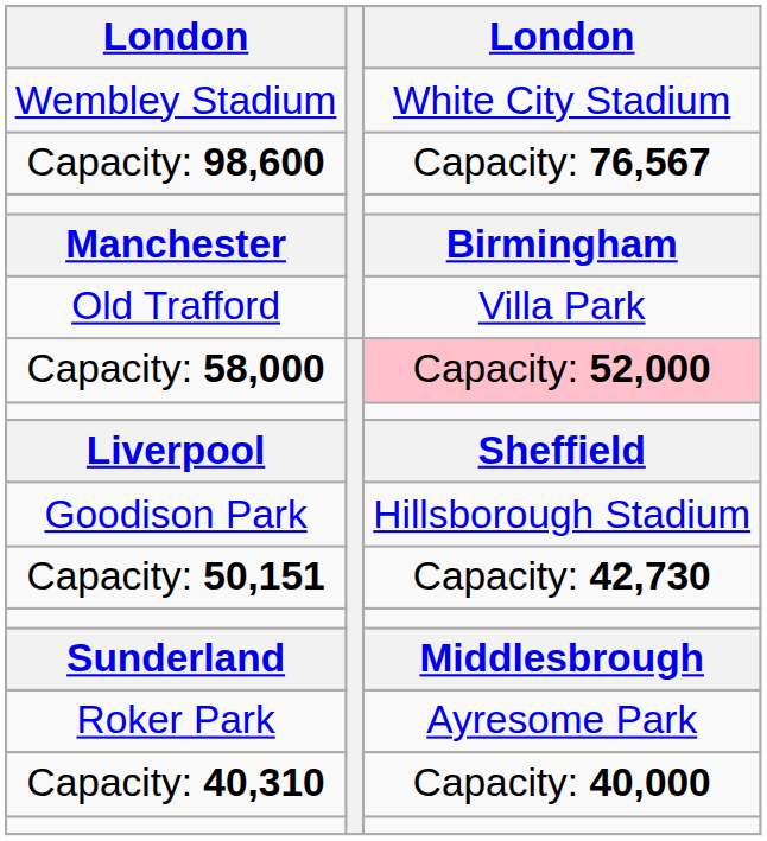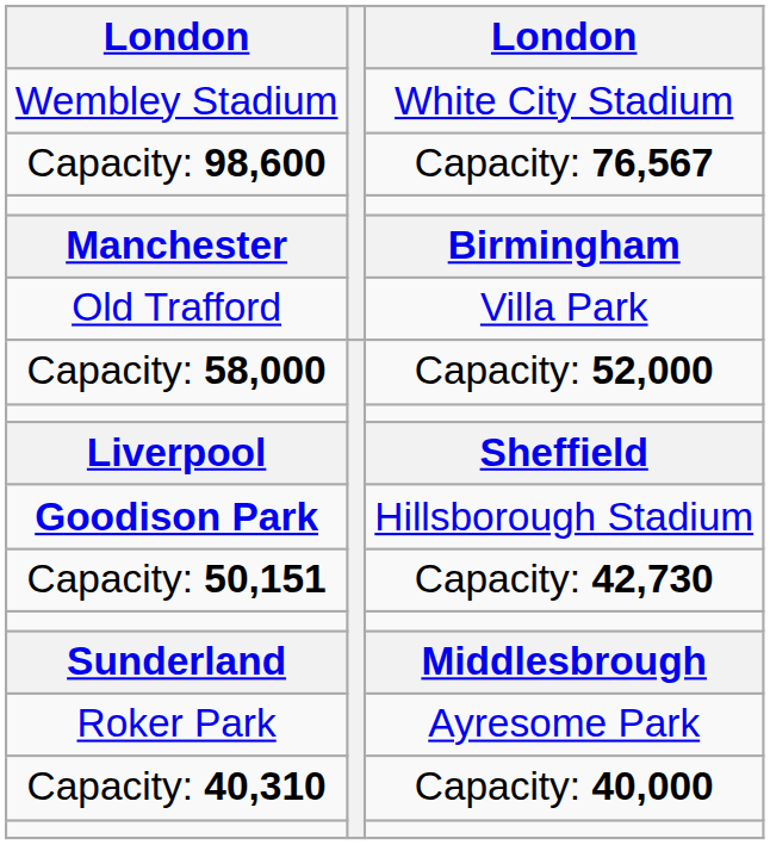 <table class="wikitable" style="text-align:center">
 <tr>
 <th><a href='#'>London</a></th>
 <th colspan="1" rowspan="6"></th>
 <th><a href='#'>London</a></th>
 </tr>
 <tr>
 <td><a href='#'>Wembley Stadium</a></td>
 <td><a href='#'>White City Stadium</a></td>
 </tr>
 <tr>
 <td>Capacity: <strong>98,600</strong></td>
 <td>Capacity: <strong>76,567</strong></td>
 </tr>
 <tr>
 <td></td>
 <td></td>
 </tr>
 <tr>
 <th><a href='#'>Manchester</a></th>
 <th><a href='#'>Birmingham</a></th>
 </tr>
 <tr>
 <td><a href='#'>Old Trafford</a></td>
 <td><a href='#'>Villa Park</a></td>
 </tr>
 <tr>
 <td>Capacity: <strong>58,000</strong></td>
 <th colspan="1" rowspan="10"></th>
-<td style="background: pink;">Capacity: <strong>52,000</strong></td>
+<td>Capacity: <strong>52,000</strong></td>
 </tr>
 <tr>
 <td></td>
 <td></td>
 </tr>
 <tr>
 <th><a href='#'>Liverpool</a></th>
 <th><a href='#'>Sheffield</a></th>
 </tr>
 <tr>
-<td><a href='#'>Goodison Park</a></td>
+<td><strong><a href='#'>Goodison Park</a></strong></td>
 <td><a href='#'>Hillsborough Stadium</a></td>
 </tr>
 <tr>
 <td>Capacity: <strong>50,151</strong></td>
 <td>Capacity: <strong>42,730</strong></td>
 </tr>
 <tr>
 <td></td>
 <td></td>
 </tr>
 <tr>
 <th><a href='#'>Sunderland</a></th>
 <th><a href='#'>Middlesbrough</a></th>
 </tr>
 <tr>
 <td><a href='#'>Roker Park</a></td>
 <td><a href='#'>Ayresome Park</a></td>
 </tr>
 <tr>
 <td>Capacity: <strong>40,310</strong></td>
 <td>Capacity: <strong>40,000</strong></td>
 </tr>
 <tr>
 <td></td>
 <td></td>
 </tr>
 </table>
